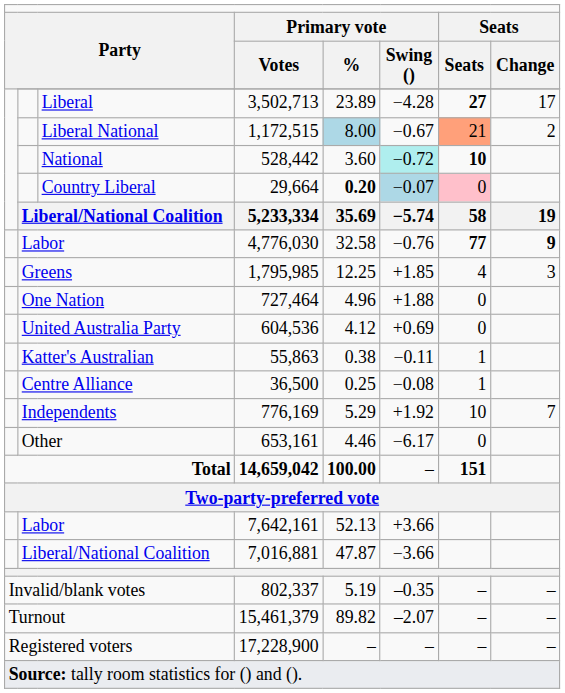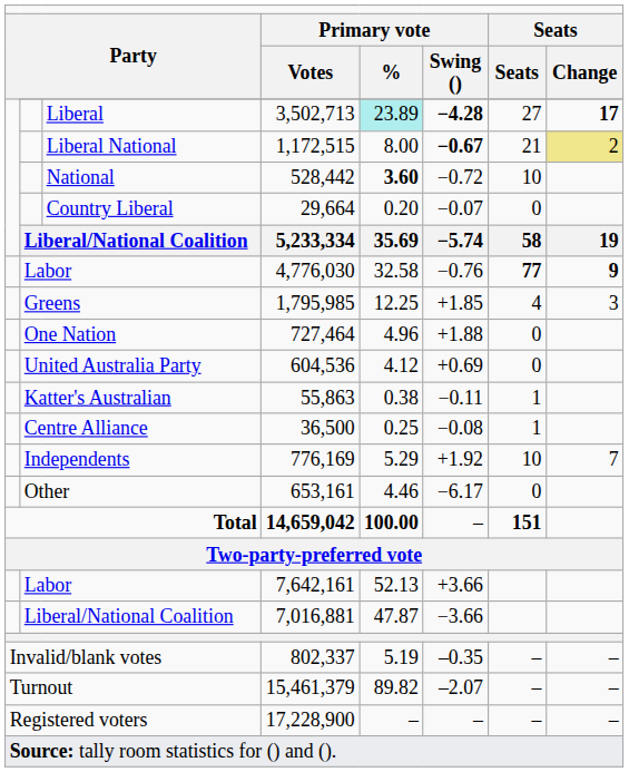 <table class="wikitable sortable mw-datatable" style="text-align:right; margin-bottom:0">
 <tr>
 <td colspan=10 align=center></td>
 </tr>
 <tr>
 <th colspan="3" rowspan="2" style="width:200px">Party</th>
 <th colspan="3">Primary vote</th>
 <th colspan="2">Seats</th>
 </tr>
 <tr>
 <th style="width:70px;">Votes</th>
 <th style="width:40px;">%</th>
 <th style="width:40px;">Swing ()</th>
 <th style="width:40px;">Seats</th>
 <th style="width:40px;">Change</th>
 </tr>
 <tr>
 <td rowspan="6" ></td>
 </tr>
 <tr>
 <td> </td>
 <td align="left"><a href='#'>Liberal</a></td>
 <td>3,502,713</td>
-<td>23.89</td>
-<td>−4.28</td>
-<td><strong>27</strong></td>
-<td> 17</td>
+<td style="background: paleturquoise;">23.89</td>
+<td><strong>−4.28</strong></td>
+<td>27</td>
+<td><strong> 17</strong></td>
 </tr>
 <tr>
 <td> </td>
 <td align="left"><a href='#'>Liberal National</a> </td>
 <td>1,172,515</td>
-<td style="background: lightblue;">8.00</td>
-<td>−0.67</td>
-<td style="background: lightsalmon;">21</td>
-<td> 2</td>
+<td>8.00</td>
+<td><strong>−0.67</strong></td>
+<td>21</td>
+<td style="background: khaki;"> 2</td>
 </tr>
 <tr>
 <td> </td>
 <td align="left"><a href='#'>National</a></td>
 <td>528,442</td>
-<td>3.60</td>
-<td style="background: paleturquoise;">−0.72</td>
-<td><strong>10</strong></td>
+<td><strong>3.60</strong></td>
+<td>−0.72</td>
+<td>10</td>
 <td></td>
 </tr>
 <tr>
 <td> </td>
 <td align="left"><a href='#'>Country Liberal</a> </td>
 <td>29,664</td>
-<td><strong>0.20</strong></td>
-<td style="background: lightblue;">−0.07</td>
-<td style="background: pink;">0</td>
+<td>0.20</td>
+<td>−0.07</td>
+<td>0</td>
 <td></td>
 </tr>
 <tr>
 <th colspan="2" style="text-align:left;"><a href='#'>Liberal/National Coalition</a></th>
 <th style="text-align:right;">5,233,334</th>
 <th style="text-align:right;">35.69</th>
 <th style="text-align:right;">−5.74</th>
 <th style="text-align:right;">58</th>
 <th style="text-align:right;"> 19</th>
 </tr>
 <tr>
 <td> </td>
 <td colspan="2" style="text-align:left;"><a href='#'>Labor</a></td>
 <td style="width:70px;">4,776,030</td>
 <td style="width:40px;">32.58</td>
 <td style="width:45px;">−0.76</td>
 <td style="width:40px;"><strong>77</strong></td>
 <td style="width:55px;"> <strong>9</strong></td>
 </tr>
 <tr>
 <td> </td>
 <td colspan="2" style="text-align:left;"><a href='#'>Greens</a></td>
 <td>1,795,985</td>
 <td>12.25</td>
 <td>+1.85</td>
 <td>4</td>
 <td> 3</td>
 </tr>
 <tr>
 <td> </td>
 <td colspan="2" style="text-align:left;"><a href='#'>One Nation</a></td>
 <td>727,464</td>
 <td>4.96</td>
 <td>+1.88</td>
 <td>0</td>
 <td></td>
 </tr>
 <tr>
 <td> </td>
 <td colspan="2" style="text-align:left;"><a href='#'>United Australia Party</a></td>
 <td>604,536</td>
 <td>4.12</td>
 <td>+0.69</td>
 <td>0</td>
 <td></td>
 </tr>
 <tr>
 <td> </td>
 <td colspan="2" style="text-align:left;"><a href='#'>Katter's Australian</a></td>
 <td>55,863</td>
 <td>0.38</td>
 <td>−0.11</td>
 <td>1</td>
 <td></td>
 </tr>
 <tr>
 <td> </td>
 <td colspan="2" style="text-align:left;"><a href='#'>Centre Alliance</a></td>
 <td>36,500</td>
 <td>0.25</td>
 <td>−0.08</td>
 <td>1</td>
 <td></td>
 </tr>
 <tr>
 <td> </td>
 <td colspan="2" style="text-align:left;"><a href='#'>Independents</a></td>
 <td>776,169</td>
 <td>5.29</td>
 <td>+1.92</td>
 <td>10</td>
 <td> 7</td>
 </tr>
 <tr>
 <td> </td>
 <td colspan="2" style="text-align:left;">Other</td>
 <td>653,161</td>
 <td>4.46</td>
 <td>−6.17</td>
 <td>0</td>
 <td></td>
 </tr>
 <tr>
 <td colspan="3" align="right"><strong>Total</strong></td>
 <td><strong>14,659,042</strong></td>
 <td><strong>100.00</strong></td>
 <td>–</td>
 <td><strong>151</strong></td>
 <td></td>
 </tr>
 <tr>
 <th colspan="8"><a href='#'>Two-party-preferred vote</a></th>
 </tr>
 <tr>
 <td></td>
 <td colspan="2" style="text-align:left;"><a href='#'>Labor</a></td>
 <td>7,642,161</td>
 <td>52.13</td>
 <td>+3.66</td>
 <td></td>
 <td></td>
 </tr>
 <tr>
 <td></td>
 <td colspan="2" style="text-align:left;"><a href='#'>Liberal/National Coalition</a></td>
 <td>7,016,881</td>
 <td>47.87</td>
 <td>−3.66</td>
 <td></td>
 <td></td>
 </tr>
 <tr>
 <th colspan="8"></th>
 </tr>
 <tr>
 <td colspan="3" style="text-align:left;">Invalid/blank votes</td>
 <td>802,337</td>
 <td>5.19</td>
 <td>–0.35</td>
 <td>–</td>
 <td>–</td>
 </tr>
 <tr>
 <td colspan="3" style="text-align:left;">Turnout</td>
 <td>15,461,379</td>
 <td>89.82</td>
 <td>–2.07</td>
 <td>–</td>
 <td>–</td>
 </tr>
 <tr>
 <td colspan="3" style="text-align:left;">Registered voters</td>
 <td>17,228,900</td>
 <td>–</td>
 <td>–</td>
 <td>–</td>
 <td>–</td>
 </tr>
 <tr>
 <td colspan="8" style="text-align:left; background-color:#eaecf0"><strong>Source:</strong>  tally room statistics for  () and  ().</td>
 </tr>
 </table>
